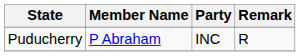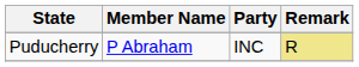 <table class="wikitable sortable">
 <tr>
 <th>State</th>
 <th>Member Name</th>
 <th>Party</th>
 <th>Remark</th>
 </tr>
 <tr>
 </tr>
 <tr>
 <td>Puducherry</td>
 <td><a href='#'>P Abraham</a></td>
 <td>INC</td>
-<td>R</td>
+<td style="background: khaki;">R</td>
 </tr>
 <tr>
 </tr>
 <tr>
 </tr>
 </table>
